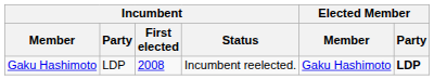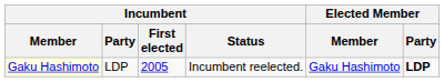 <table class="wikitable sortable">
 <tr>
 <th colspan=4>Incumbent</th>
 <th colspan=2>Elected Member</th>
 </tr>
 <tr>
 <th>Member</th>
 <th>Party</th>
 <th>First<br>elected</th>
 <th>Status</th>
 <th>Member</th>
 <th>Party</th>
 </tr>
 <tr>
-<td><a href='#'>Gaku Hashimoto</a></td>
+<td style="background: lightyellow;"><a href='#'>Gaku Hashimoto</a></td>
 <td>LDP</td>
-<td><a href='#'>2008</a></td>
+<td><a href='#'>2005</a></td>
 <td>Incumbent reelected.</td>
 <td><a href='#'>Gaku Hashimoto</a></td>
 <td><strong>LDP</strong></td>
 </tr>
 </table>
